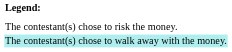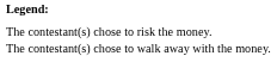 <table class="toccolours" style="font-size:100%; white-space:nowrap;">
 <tr>
 <td><strong>Legend:</strong></td>
 <td>      </td>
 </tr>
 <tr>
 <td></td>
 </tr>
 <tr>
 <td></td>
 </tr>
 <tr>
 <td> The contestant(s) chose to risk the money.</td>
 </tr>
 <tr>
-<td style="background: paleturquoise;"> The contestant(s) chose to walk away with the money.</td>
+<td> The contestant(s) chose to walk away with the money.</td>
 </tr>
 </table>
